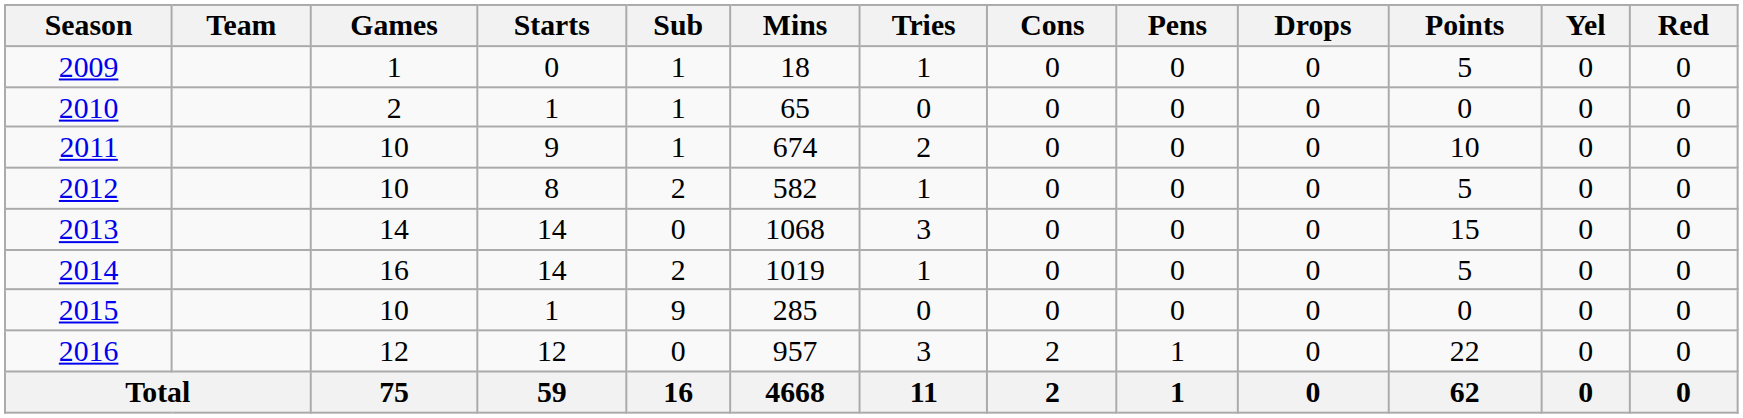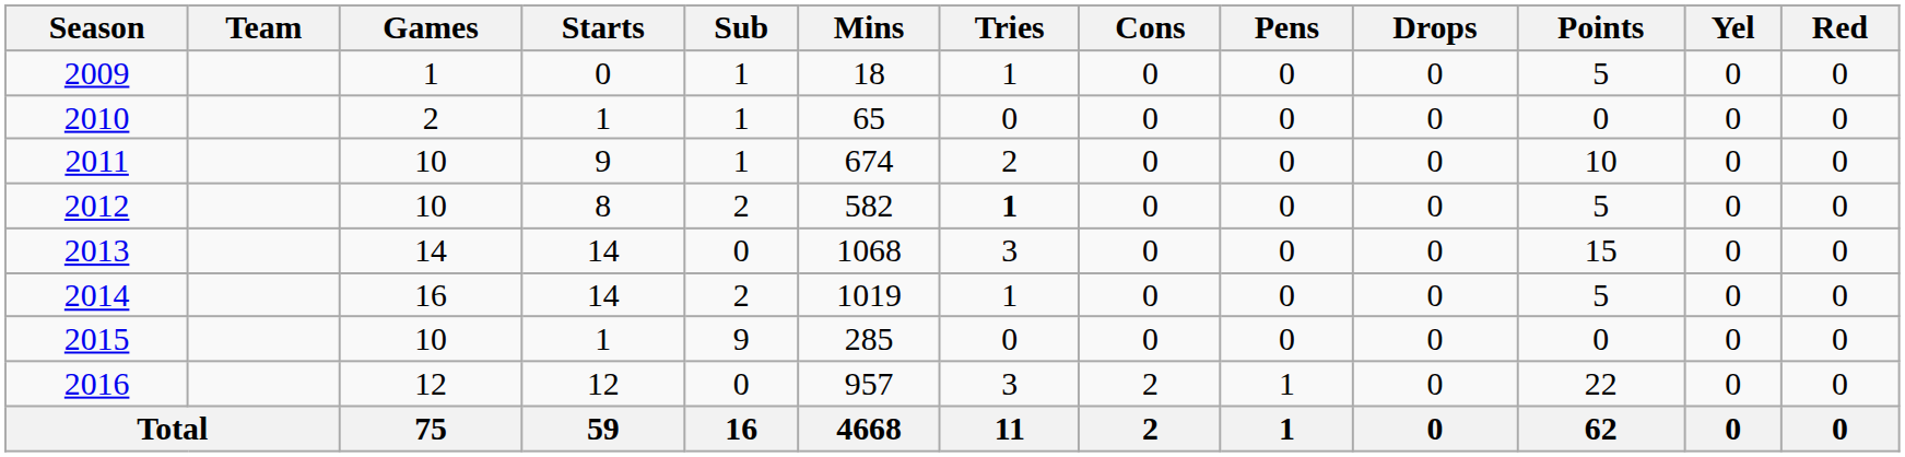 <table class="wikitable" style="text-align:center; line-height:90%; font-size:95%; width:70%;">
 <tr>
 <th>Season</th>
 <th>Team</th>
 <th>Games</th>
 <th>Starts</th>
 <th>Sub</th>
 <th>Mins</th>
 <th>Tries</th>
 <th>Cons</th>
 <th>Pens</th>
 <th>Drops</th>
 <th>Points</th>
 <th>Yel</th>
 <th>Red</th>
 </tr>
 <tr>
 <td><a href='#'>2009</a></td>
 <td></td>
 <td>1</td>
 <td>0</td>
 <td>1</td>
 <td>18</td>
 <td>1</td>
 <td>0</td>
 <td>0</td>
 <td>0</td>
 <td>5</td>
 <td>0</td>
 <td>0</td>
 </tr>
 <tr>
 <td><a href='#'>2010</a></td>
 <td></td>
 <td>2</td>
 <td>1</td>
 <td>1</td>
 <td>65</td>
 <td>0</td>
 <td>0</td>
 <td>0</td>
 <td>0</td>
 <td>0</td>
 <td>0</td>
 <td>0</td>
 </tr>
 <tr>
 <td><a href='#'>2011</a></td>
 <td></td>
 <td>10</td>
 <td>9</td>
 <td>1</td>
 <td>674</td>
 <td>2</td>
 <td>0</td>
 <td>0</td>
 <td>0</td>
 <td>10</td>
 <td>0</td>
 <td>0</td>
 </tr>
 <tr>
 <td><a href='#'>2012</a></td>
 <td></td>
 <td>10</td>
 <td>8</td>
 <td>2</td>
 <td>582</td>
-<td>1</td>
+<td><strong>1</strong></td>
 <td>0</td>
 <td>0</td>
 <td>0</td>
 <td>5</td>
 <td>0</td>
 <td>0</td>
 </tr>
 <tr>
 <td><a href='#'>2013</a></td>
 <td></td>
 <td>14</td>
 <td>14</td>
 <td>0</td>
 <td>1068</td>
 <td>3</td>
 <td>0</td>
 <td>0</td>
 <td>0</td>
 <td>15</td>
 <td>0</td>
 <td>0</td>
 </tr>
 <tr>
 <td><a href='#'>2014</a></td>
 <td></td>
 <td>16</td>
 <td>14</td>
 <td>2</td>
 <td>1019</td>
 <td>1</td>
 <td>0</td>
 <td>0</td>
 <td>0</td>
 <td>5</td>
 <td>0</td>
 <td>0</td>
 </tr>
 <tr>
 <td><a href='#'>2015</a></td>
 <td></td>
 <td>10</td>
 <td>1</td>
 <td>9</td>
 <td>285</td>
 <td>0</td>
 <td>0</td>
 <td>0</td>
 <td>0</td>
 <td>0</td>
 <td>0</td>
 <td>0</td>
 </tr>
 <tr>
 <td><a href='#'>2016</a></td>
 <td></td>
 <td>12</td>
 <td>12</td>
 <td>0</td>
 <td>957</td>
 <td>3</td>
 <td>2</td>
 <td>1</td>
 <td>0</td>
 <td>22</td>
 <td>0</td>
 <td>0</td>
 </tr>
 <tr>
 <th colspan="2">Total</th>
 <th>75</th>
 <th>59</th>
 <th>16</th>
 <th>4668</th>
 <th>11</th>
 <th>2</th>
 <th>1</th>
 <th>0</th>
 <th>62</th>
 <th>0</th>
 <th>0</th>
 </tr>
 </table>
